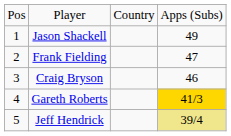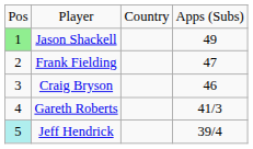 <table class="wikitable" style="text-align:center; font-size:88%">
 <tr>
 <td>Pos</td>
 <td>Player</td>
 <td>Country</td>
 <td>Apps (Subs)</td>
 </tr>
 <tr>
-<td>1</td>
+<td style="background: lightgreen;">1</td>
 <td><a href='#'>Jason Shackell</a></td>
 <td></td>
 <td>49</td>
 </tr>
 <tr>
 <td>2</td>
 <td><a href='#'>Frank Fielding</a></td>
 <td></td>
 <td>47</td>
 </tr>
 <tr>
 <td>3</td>
 <td><a href='#'>Craig Bryson</a></td>
 <td></td>
 <td>46</td>
 </tr>
 <tr>
 <td>4</td>
 <td><a href='#'>Gareth Roberts</a></td>
 <td></td>
-<td style="background: gold;">41/3</td>
+<td>41/3</td>
 </tr>
 <tr>
-<td>5</td>
+<td style="background: paleturquoise;">5</td>
 <td><a href='#'>Jeff Hendrick</a></td>
 <td></td>
-<td style="background: khaki;">39/4</td>
+<td>39/4</td>
 </tr>
 </table>
